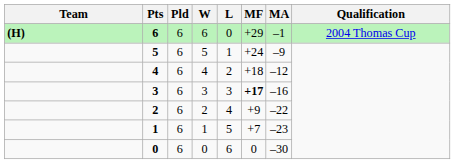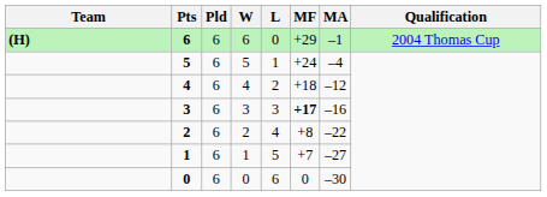 <table class="wikitable" style="text-align:center">
 <tr>
 <th width="175">Team</th>
 <th width="25">Pts</th>
 <th width="25">Pld</th>
 <th width="25">W</th>
 <th width="25">L</th>
 <th width="25">MF</th>
 <th width="25">MA</th>
 <th width="200">Qualification</th>
 </tr>
 <tr bgcolor="#bbf3bb">
 <td style="text-align:left"> <strong>(H)</strong></td>
 <td><strong>6</strong></td>
 <td>6</td>
 <td>6</td>
 <td>0</td>
 <td>+29</td>
 <td>–1</td>
 <td><a href='#'>2004 Thomas Cup</a></td>
 </tr>
 <tr>
 <td style="text-align:left"></td>
 <td><strong>5</strong></td>
 <td>6</td>
 <td>5</td>
 <td>1</td>
 <td>+24</td>
-<td>–9</td>
+<td>–4</td>
 </tr>
 <tr>
 <td style="text-align:left"></td>
 <td><strong>4</strong></td>
 <td>6</td>
 <td>4</td>
 <td>2</td>
 <td>+18</td>
 <td>–12</td>
 </tr>
 <tr>
 <td style="text-align:left"></td>
 <td><strong>3</strong></td>
 <td>6</td>
 <td>3</td>
 <td>3</td>
 <td><strong>+17</strong></td>
 <td>–16</td>
 </tr>
 <tr>
 <td style="text-align:left"></td>
 <td><strong>2</strong></td>
 <td>6</td>
 <td>2</td>
 <td>4</td>
-<td>+9</td>
+<td>+8</td>
 <td>–22</td>
 </tr>
 <tr>
 <td style="text-align:left"></td>
 <td><strong>1</strong></td>
 <td>6</td>
 <td>1</td>
 <td>5</td>
 <td>+7</td>
-<td>–23</td>
+<td>–27</td>
 </tr>
 <tr>
 <td style="text-align:left"></td>
 <td><strong>0</strong></td>
 <td>6</td>
 <td>0</td>
 <td>6</td>
 <td>0</td>
 <td>–30</td>
 </tr>
 </table>
